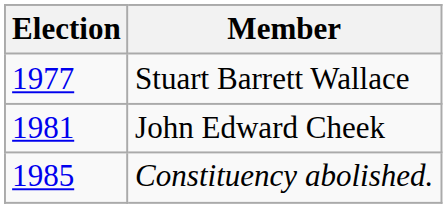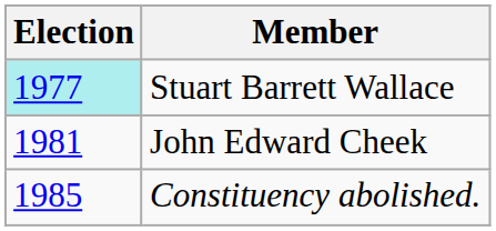 <table class="wikitable">
 <tr>
 <th>Election</th>
 <th>Member</th>
 </tr>
 <tr>
-<td><a href='#'>1977</a></td>
+<td style="background: paleturquoise;"><a href='#'>1977</a></td>
 <td>Stuart Barrett Wallace</td>
 </tr>
 <tr>
 <td><a href='#'>1981</a></td>
 <td>John Edward Cheek</td>
 </tr>
 <tr>
 <td><a href='#'>1985</a></td>
 <td><em>Constituency abolished.</em></td>
 </tr>
 </table>
